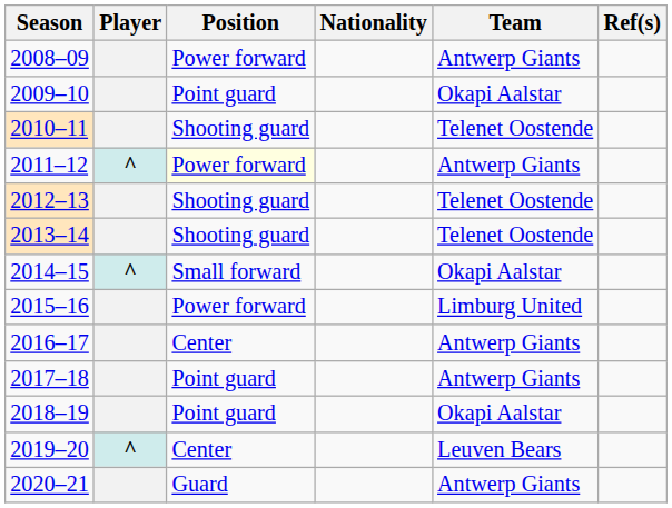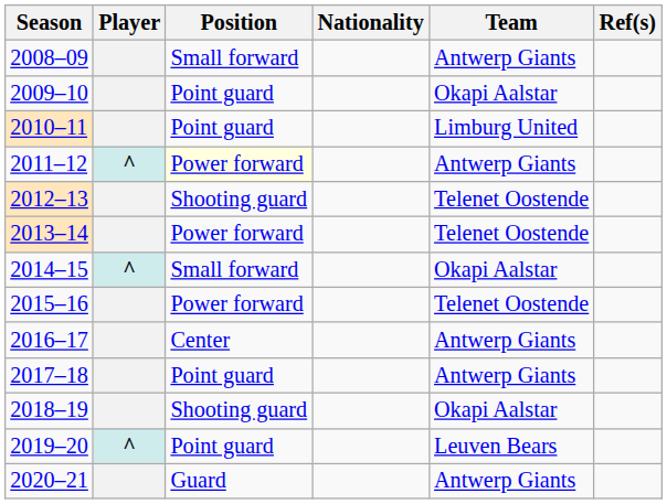 <table class="wikitable plainrowheaders sortable" summary="Season (sortable), Player (sortable), Position (sortable), Team (sortable), and References">
 <tr>
 <th scope="col">Season</th>
 <th scope="col">Player</th>
 <th scope="col">Position</th>
 <th scope="col">Nationality</th>
 <th scope="col">Team</th>
 <th scope="col" class="unsortable">Ref(s)</th>
 </tr>
 <tr>
 <td><a href='#'>2008–09</a></td>
 <th scope="row"></th>
-<td><a href='#'>Power forward</a></td>
+<td><a href='#'>Small forward</a></td>
 <td></td>
 <td><a href='#'>Antwerp Giants</a></td>
 <td style="text-align:center;"></td>
 </tr>
 <tr>
 <td><a href='#'>2009–10</a></td>
 <th scope="row"></th>
 <td><a href='#'>Point guard</a></td>
 <td></td>
 <td><a href='#'>Okapi Aalstar</a></td>
 <td style="text-align:center;"></td>
 </tr>
 <tr>
 <td style="background-color:#FFE6BD;"><a href='#'>2010–11</a></td>
 <th scope="row"></th>
-<td><a href='#'>Shooting guard</a></td>
+<td><a href='#'>Point guard</a></td>
 <td></td>
-<td><a href='#'>Telenet Oostende</a></td>
+<td><a href='#'>Limburg United</a></td>
 <td style="text-align:center;"></td>
 </tr>
 <tr>
 <td><a href='#'>2011–12</a></td>
 <th scope="row" style="background:#cfecec;">^</th>
 <td style="background: lightyellow;"><a href='#'>Power forward</a></td>
 <td></td>
 <td><a href='#'>Antwerp Giants</a></td>
 <td style="text-align:center;"></td>
 </tr>
 <tr>
 <td style="background-color:#FFE6BD;"><a href='#'>2012–13</a></td>
 <th scope="row"></th>
 <td><a href='#'>Shooting guard</a></td>
 <td></td>
 <td><a href='#'>Telenet Oostende</a></td>
 <td style="text-align:center;"></td>
 </tr>
 <tr>
 <td style="background-color:#FFE6BD;"><a href='#'>2013–14</a></td>
 <th scope="row"></th>
-<td><a href='#'>Shooting guard</a></td>
+<td><a href='#'>Power forward</a></td>
 <td></td>
 <td><a href='#'>Telenet Oostende</a></td>
 <td style="text-align:center;"></td>
 </tr>
 <tr>
 <td><a href='#'>2014–15</a></td>
 <th scope="row" style="background:#cfecec;">^</th>
 <td><a href='#'>Small forward</a></td>
 <td></td>
 <td><a href='#'>Okapi Aalstar</a></td>
 <td style="text-align:center;"></td>
 </tr>
 <tr>
 <td><a href='#'>2015–16</a></td>
 <th scope="row"></th>
 <td><a href='#'>Power forward</a></td>
 <td></td>
-<td><a href='#'>Limburg United</a></td>
+<td><a href='#'>Telenet Oostende</a></td>
 <td style="text-align:center;"></td>
 </tr>
 <tr>
 <td><a href='#'>2016–17</a></td>
 <th scope="row"></th>
 <td><a href='#'>Center</a></td>
 <td></td>
 <td><a href='#'>Antwerp Giants</a></td>
 <td style="text-align:center;"></td>
 </tr>
 <tr>
 <td><a href='#'>2017–18</a></td>
 <th scope="row"></th>
 <td><a href='#'>Point guard</a></td>
 <td></td>
 <td><a href='#'>Antwerp Giants</a></td>
 <td style="text-align:center;"></td>
 </tr>
 <tr>
 <td><a href='#'>2018–19</a></td>
 <th scope="row"></th>
-<td><a href='#'>Point guard</a></td>
+<td><a href='#'>Shooting guard</a></td>
 <td></td>
 <td><a href='#'>Okapi Aalstar</a></td>
 <td style="text-align:center;"></td>
 </tr>
 <tr>
 <td><a href='#'>2019–20</a></td>
 <th scope="row" style="background:#cfecec;">^</th>
-<td><a href='#'>Center</a></td>
+<td><a href='#'>Point guard</a></td>
 <td></td>
 <td><a href='#'>Leuven Bears</a></td>
 <td style="text-align:center;"></td>
 </tr>
 <tr>
 <td><a href='#'>2020–21</a></td>
 <th scope="row"></th>
 <td><a href='#'>Guard</a></td>
 <td></td>
 <td><a href='#'>Antwerp Giants</a></td>
 <td></td>
 </tr>
 </table>
